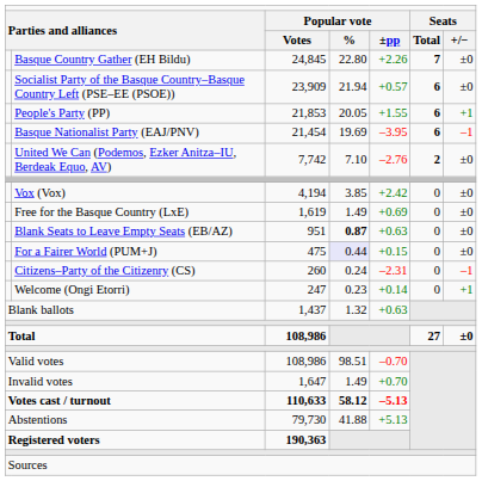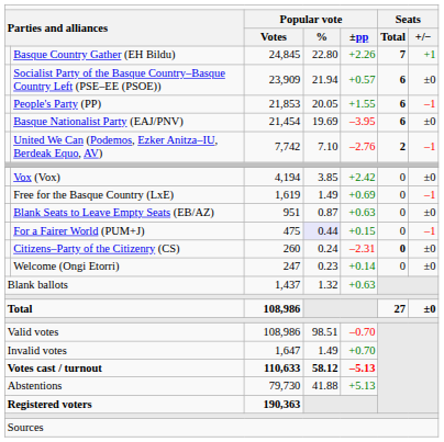 <table class="wikitable" style="text-align:right;">
 <tr>
 <td colspan="7"></td>
 </tr>
 <tr>
 <th style="text-align:left;" rowspan="2" colspan="2" width="525">Parties and alliances</th>
 <th colspan="3">Popular vote</th>
 <th colspan="2">Seats</th>
 </tr>
 <tr>
 <th width="75">Votes</th>
 <th width="45">%</th>
 <th width="45">±<a href='#'>pp</a></th>
 <th width="35">Total</th>
 <th width="35">+/−</th>
 </tr>
 <tr>
 <td width="1" style="color:inherit;background:"></td>
 <td align="left"><a href='#'>Basque Country Gather</a> (EH Bildu)</td>
 <td>24,845</td>
 <td>22.80</td>
 <td style="color:green;">+2.26</td>
 <td><strong>7</strong></td>
-<td>±0</td>
+<td style="color:green;">+1</td>
 </tr>
 <tr>
 <td style="color:inherit;background:"></td>
 <td align="left"><a href='#'>Socialist Party of the Basque Country–Basque Country Left</a> (PSE–EE (PSOE))</td>
 <td>23,909</td>
 <td>21.94</td>
 <td style="color:green;">+0.57</td>
 <td><strong>6</strong></td>
 <td>±0</td>
 </tr>
 <tr>
 <td style="color:inherit;background:"></td>
 <td align="left"><a href='#'>People's Party</a> (PP)</td>
 <td>21,853</td>
 <td>20.05</td>
 <td style="color:green;">+1.55</td>
 <td><strong>6</strong></td>
-<td style="color:green;">+1</td>
+<td style="color:red;">–1</td>
 </tr>
 <tr>
 <td style="color:inherit;background:"></td>
 <td align="left"><a href='#'>Basque Nationalist Party</a> (EAJ/PNV)</td>
 <td>21,454</td>
 <td>19.69</td>
 <td style="color:red;">–3.95</td>
 <td><strong>6</strong></td>
-<td style="color:red;">–1</td>
+<td>±0</td>
 </tr>
 <tr>
 <td style="color:inherit;background:"></td>
 <td align="left"><a href='#'>United We Can</a> (<a href='#'>Podemos</a>, <a href='#'>Ezker Anitza–IU</a>, <a href='#'>Berdeak Equo</a>, <a href='#'>AV</a>)</td>
 <td>7,742</td>
 <td>7.10</td>
 <td style="color:red;">–2.76</td>
 <td><strong>2</strong></td>
-<td>±0</td>
+<td style="color:red;">–1</td>
 </tr>
 <tr>
 <td colspan="7" bgcolor="#C0C0C0"></td>
 </tr>
 <tr>
 <td style="color:inherit;background:"></td>
 <td align="left"><a href='#'>Vox</a> (Vox)</td>
 <td>4,194</td>
 <td>3.85</td>
 <td style="color:green;">+2.42</td>
 <td>0</td>
 <td>±0</td>
 </tr>
 <tr>
 <td style="color:inherit;background:"></td>
 <td align="left">Free for the Basque Country (LxE)</td>
 <td>1,619</td>
 <td>1.49</td>
 <td style="color:green;">+0.69</td>
 <td>0</td>
-<td>±0</td>
+<td style="color:red;">–1</td>
 </tr>
 <tr>
 <td style="color:inherit;background:"></td>
 <td align="left"><a href='#'>Blank Seats to Leave Empty Seats</a> (EB/AZ)</td>
 <td>951</td>
-<td><strong>0.87</strong></td>
+<td>0.87</td>
 <td style="color:green;">+0.63</td>
 <td>0</td>
 <td>±0</td>
 </tr>
 <tr>
 <td style="color:inherit;background:"></td>
 <td align="left"><a href='#'>For a Fairer World</a> (PUM+J)</td>
 <td>475</td>
 <td style="background: lavender;">0.44</td>
 <td style="color:green;">+0.15</td>
 <td>0</td>
-<td>±0</td>
+<td style="color:red;">–1</td>
 </tr>
 <tr>
 <td style="color:inherit;background:"></td>
 <td align="left"><a href='#'>Citizens–Party of the Citizenry</a> (CS)</td>
 <td>260</td>
 <td>0.24</td>
 <td style="color:red;">–2.31</td>
-<td>0</td>
-<td style="color:red;">–1</td>
+<td><strong>0</strong></td>
+<td>±0</td>
 </tr>
 <tr>
 <td style="color:inherit;background:"></td>
 <td align="left">Welcome (Ongi Etorri)</td>
 <td>247</td>
 <td>0.23</td>
 <td style="color:green;">+0.14</td>
 <td>0</td>
-<td style="color:green;">+1</td>
+<td>±0</td>
 </tr>
 <tr>
 <td align="left" colspan="2">Blank ballots</td>
 <td>1,437</td>
 <td>1.32</td>
 <td style="color:green;">+0.63</td>
 <td bgcolor="#E9E9E9" colspan="2"></td>
 </tr>
 <tr>
 <td colspan="7" bgcolor="#E9E9E9"></td>
 </tr>
 <tr style="font-weight:bold;">
 <td align="left" colspan="2">Total</td>
 <td>108,986</td>
 <td bgcolor="#E9E9E9" colspan="2"></td>
 <td>27</td>
 <td>±0</td>
 </tr>
 <tr>
 <td colspan="7" bgcolor="#E9E9E9"></td>
 </tr>
 <tr>
 <td align="left" colspan="2">Valid votes</td>
 <td>108,986</td>
 <td>98.51</td>
 <td style="color:red;">–0.70</td>
 <td bgcolor="#E9E9E9" colspan="2" rowspan="5"></td>
 </tr>
 <tr>
 <td align="left" colspan="2">Invalid votes</td>
 <td>1,647</td>
 <td>1.49</td>
 <td style="color:green;">+0.70</td>
 </tr>
 <tr style="font-weight:bold;">
 <td align="left" colspan="2">Votes cast / turnout</td>
 <td>110,633</td>
 <td>58.12</td>
 <td style="color:red;">–5.13</td>
 </tr>
 <tr>
 <td align="left" colspan="2">Abstentions</td>
 <td>79,730</td>
 <td>41.88</td>
 <td style="color:green;">+5.13</td>
 </tr>
 <tr style="font-weight:bold;">
 <td align="left" colspan="2">Registered voters</td>
 <td>190,363</td>
 <td bgcolor="#E9E9E9" colspan="2"></td>
 </tr>
 <tr>
 <td colspan="7" bgcolor="#E9E9E9"></td>
 </tr>
 <tr>
 <td align="left" colspan="7">Sources</td>
 </tr>
 </table>
